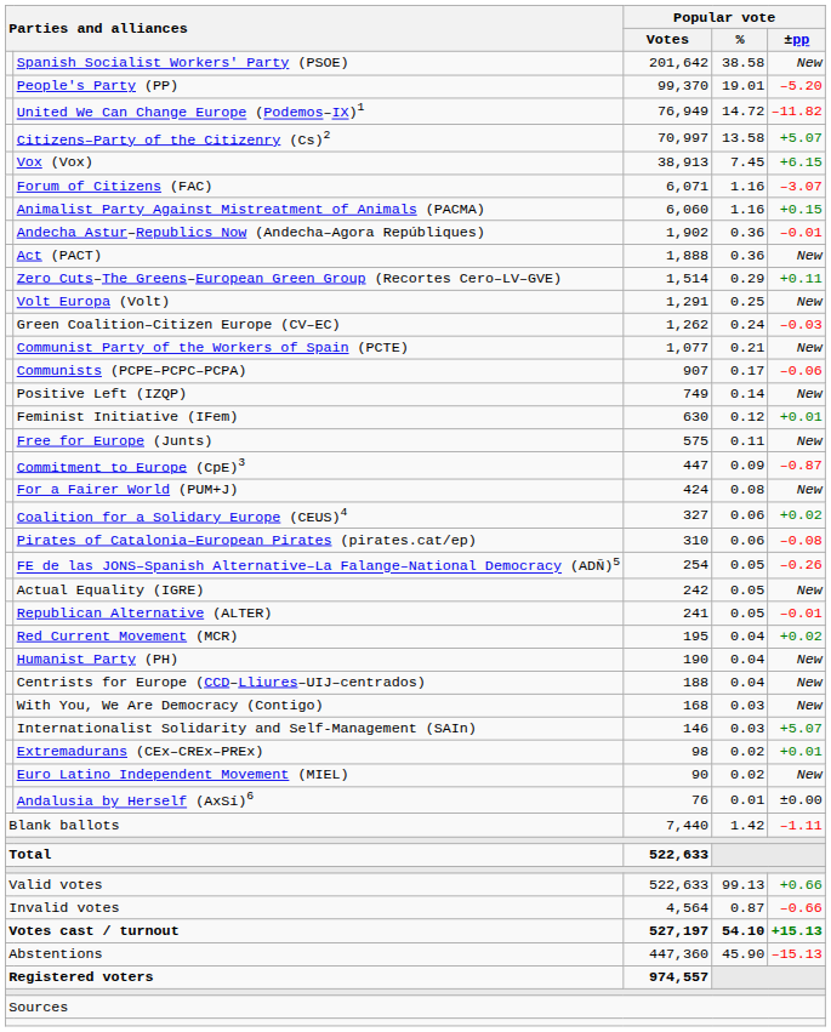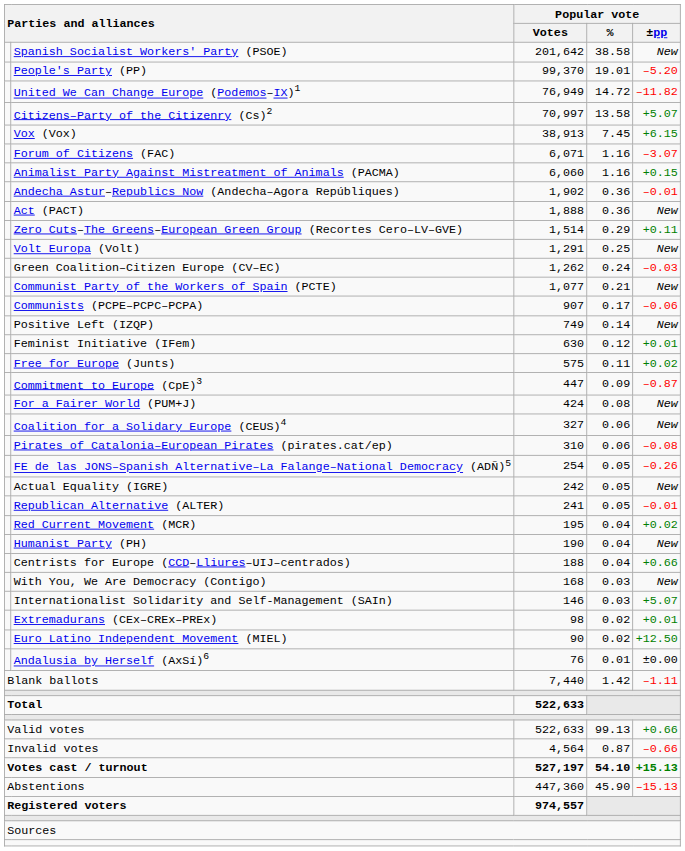 <table class="wikitable" style="text-align:right;">
 <tr>
 <th style="text-align:left;" rowspan="2" colspan="2" width="525">Parties and alliances</th>
 <th colspan="3">Popular vote</th>
 </tr>
 <tr>
 <th width="75">Votes</th>
 <th width="45">%</th>
 <th width="45">±<a href='#'>pp</a></th>
 </tr>
 <tr>
 <td width="1" style="color:inherit;background:"></td>
 <td align="left"><a href='#'>Spanish Socialist Workers' Party</a> (PSOE)</td>
 <td>201,642</td>
 <td>38.58</td>
 <td><em>New</em></td>
 </tr>
 <tr>
 <td style="color:inherit;background:"></td>
 <td align="left"><a href='#'>People's Party</a> (PP)</td>
 <td>99,370</td>
 <td>19.01</td>
 <td style="color:red;">–5.20</td>
 </tr>
 <tr>
 <td style="color:inherit;background:"></td>
 <td align="left"><a href='#'>United We Can Change Europe</a> (<a href='#'>Podemos</a>–<a href='#'>IX</a>)<sup>1</sup></td>
 <td>76,949</td>
 <td>14.72</td>
 <td style="color:red;">–11.82</td>
 </tr>
 <tr>
 <td style="color:inherit;background:"></td>
 <td align="left"><a href='#'>Citizens–Party of the Citizenry</a> (Cs)<sup>2</sup></td>
 <td>70,997</td>
 <td>13.58</td>
 <td style="color:green;">+5.07</td>
 </tr>
 <tr>
 <td style="color:inherit;background:"></td>
 <td align="left"><a href='#'>Vox</a> (Vox)</td>
 <td>38,913</td>
 <td>7.45</td>
 <td style="color:green;">+6.15</td>
 </tr>
 <tr>
 <td style="color:inherit;background:"></td>
 <td align="left"><a href='#'>Forum of Citizens</a> (FAC)</td>
 <td>6,071</td>
 <td>1.16</td>
 <td style="color:red;">–3.07</td>
 </tr>
 <tr>
 <td style="color:inherit;background:"></td>
 <td align="left"><a href='#'>Animalist Party Against Mistreatment of Animals</a> (PACMA)</td>
 <td>6,060</td>
 <td>1.16</td>
 <td style="color:green;">+0.15</td>
 </tr>
 <tr>
 <td style="color:inherit;background:"></td>
 <td align="left"><a href='#'>Andecha Astur</a>–<a href='#'>Republics Now</a> (Andecha–Agora Repúbliques)</td>
 <td>1,902</td>
 <td>0.36</td>
 <td style="color:red;">–0.01</td>
 </tr>
 <tr>
 <td style="color:inherit;background:"></td>
 <td align="left"><a href='#'>Act</a> (PACT)</td>
 <td>1,888</td>
 <td>0.36</td>
 <td><em>New</em></td>
 </tr>
 <tr>
 <td style="color:inherit;background:"></td>
 <td align="left"><a href='#'>Zero Cuts</a>–<a href='#'>The Greens</a>–<a href='#'>European Green Group</a> (Recortes Cero–LV–GVE)</td>
 <td>1,514</td>
 <td>0.29</td>
 <td style="color:green;">+0.11</td>
 </tr>
 <tr>
 <td style="color:inherit;background:"></td>
 <td align="left"><a href='#'>Volt Europa</a> (Volt)</td>
 <td>1,291</td>
 <td>0.25</td>
 <td><em>New</em></td>
 </tr>
 <tr>
 <td style="color:inherit;background:"></td>
 <td align="left">Green Coalition–Citizen Europe (CV–EC)</td>
 <td>1,262</td>
 <td>0.24</td>
 <td style="color:red;">–0.03</td>
 </tr>
 <tr>
 <td style="color:inherit;background:"></td>
 <td align="left"><a href='#'>Communist Party of the Workers of Spain</a> (PCTE)</td>
 <td>1,077</td>
 <td>0.21</td>
 <td><em>New</em></td>
 </tr>
 <tr>
 <td style="color:inherit;background:"></td>
 <td align="left"><a href='#'>Communists</a> (PCPE–PCPC–PCPA)</td>
 <td>907</td>
 <td>0.17</td>
 <td style="color:red;">–0.06</td>
 </tr>
 <tr>
 <td style="color:inherit;background:"></td>
 <td align="left">Positive Left (IZQP)</td>
 <td>749</td>
 <td>0.14</td>
 <td><em>New</em></td>
 </tr>
 <tr>
 <td style="color:inherit;background:"></td>
 <td align="left">Feminist Initiative (IFem)</td>
 <td>630</td>
 <td>0.12</td>
 <td style="color:green;">+0.01</td>
 </tr>
 <tr>
 <td style="color:inherit;background:"></td>
 <td align="left"><a href='#'>Free for Europe</a> (Junts)</td>
 <td>575</td>
 <td>0.11</td>
-<td><em>New</em></td>
+<td style="color:green;">+0.02</td>
 </tr>
 <tr>
 <td style="color:inherit;background:"></td>
 <td align="left"><a href='#'>Commitment to Europe</a> (CpE)<sup>3</sup></td>
 <td>447</td>
 <td>0.09</td>
 <td style="color:red;">–0.87</td>
 </tr>
 <tr>
 <td style="color:inherit;background:"></td>
 <td align="left"><a href='#'>For a Fairer World</a> (PUM+J)</td>
 <td>424</td>
 <td>0.08</td>
 <td><em>New</em></td>
 </tr>
 <tr>
 <td style="color:inherit;background:"></td>
 <td align="left"><a href='#'>Coalition for a Solidary Europe</a> (CEUS)<sup>4</sup></td>
 <td>327</td>
 <td>0.06</td>
-<td style="color:green;">+0.02</td>
+<td><em>New</em></td>
 </tr>
 <tr>
 <td style="color:inherit;background:"></td>
 <td align="left"><a href='#'>Pirates of Catalonia–European Pirates</a> (pirates.cat/ep)</td>
 <td>310</td>
 <td>0.06</td>
 <td style="color:red;">–0.08</td>
 </tr>
 <tr>
 <td style="color:inherit;background:"></td>
 <td align="left"><a href='#'>FE de las JONS–Spanish Alternative–La Falange–National Democracy</a> (ADÑ)<sup>5</sup></td>
 <td>254</td>
 <td>0.05</td>
 <td style="color:red;">–0.26</td>
 </tr>
 <tr>
 <td style="color:inherit;background:"></td>
 <td align="left">Actual Equality (IGRE)</td>
 <td>242</td>
 <td>0.05</td>
 <td><em>New</em></td>
 </tr>
 <tr>
 <td style="color:inherit;background:"></td>
 <td align="left"><a href='#'>Republican Alternative</a> (ALTER)</td>
 <td>241</td>
 <td>0.05</td>
 <td style="color:red;">–0.01</td>
 </tr>
 <tr>
 <td style="color:inherit;background:"></td>
 <td align="left"><a href='#'>Red Current Movement</a> (MCR)</td>
 <td>195</td>
 <td>0.04</td>
 <td style="color:green;">+0.02</td>
 </tr>
 <tr>
 <td style="color:inherit;background:"></td>
 <td align="left"><a href='#'>Humanist Party</a> (PH)</td>
 <td>190</td>
 <td>0.04</td>
 <td><em>New</em></td>
 </tr>
 <tr>
 <td style="color:inherit;background:"></td>
 <td align="left">Centrists for Europe (<a href='#'>CCD</a>–<a href='#'>Lliures</a>–UIJ–centrados)</td>
 <td>188</td>
 <td>0.04</td>
-<td><em>New</em></td>
+<td style="color:green;">+0.66</td>
 </tr>
 <tr>
 <td style="color:inherit;background:"></td>
 <td align="left">With You, We Are Democracy (Contigo)</td>
 <td>168</td>
 <td>0.03</td>
 <td><em>New</em></td>
 </tr>
 <tr>
 <td style="color:inherit;background:"></td>
 <td align="left">Internationalist Solidarity and Self-Management (SAIn)</td>
 <td>146</td>
 <td>0.03</td>
 <td style="color:green;">+5.07</td>
 </tr>
 <tr>
 <td style="color:inherit;background:"></td>
 <td align="left"><a href='#'>Extremadurans</a> (CEx–CREx–PREx)</td>
 <td>98</td>
 <td>0.02</td>
 <td style="color:green;">+0.01</td>
 </tr>
 <tr>
 <td style="color:inherit;background:"></td>
 <td align="left"><a href='#'>Euro Latino Independent Movement</a> (MIEL)</td>
 <td>90</td>
 <td>0.02</td>
-<td><em>New</em></td>
+<td style="color:green;">+12.50</td>
 </tr>
 <tr>
 <td style="color:inherit;background:"></td>
 <td align="left"><a href='#'>Andalusia by Herself</a> (AxSí)<sup>6</sup></td>
 <td>76</td>
 <td>0.01</td>
 <td>±0.00</td>
 </tr>
 <tr>
 <td align="left" colspan="2">Blank ballots</td>
 <td>7,440</td>
 <td>1.42</td>
 <td style="color:red;">–1.11</td>
 </tr>
 <tr>
 <td colspan="5" bgcolor="#E9E9E9"></td>
 </tr>
 <tr style="font-weight:bold;">
 <td align="left" colspan="2">Total</td>
 <td>522,633</td>
 <td bgcolor="#E9E9E9" colspan="2"></td>
 </tr>
 <tr>
 <td colspan="5" bgcolor="#E9E9E9"></td>
 </tr>
 <tr>
 <td align="left" colspan="2">Valid votes</td>
 <td>522,633</td>
 <td>99.13</td>
 <td style="color:green;">+0.66</td>
 </tr>
 <tr>
 <td align="left" colspan="2">Invalid votes</td>
 <td>4,564</td>
 <td>0.87</td>
 <td style="color:red;">–0.66</td>
 </tr>
 <tr style="font-weight:bold;">
 <td align="left" colspan="2">Votes cast / turnout</td>
 <td>527,197</td>
 <td>54.10</td>
 <td style="color:green;">+15.13</td>
 </tr>
 <tr>
 <td align="left" colspan="2">Abstentions</td>
 <td>447,360</td>
 <td>45.90</td>
 <td style="color:red;">–15.13</td>
 </tr>
 <tr style="font-weight:bold;">
 <td align="left" colspan="2">Registered voters</td>
 <td>974,557</td>
 <td bgcolor="#E9E9E9" colspan="2"></td>
 </tr>
 <tr>
 <td colspan="5" bgcolor="#E9E9E9"></td>
 </tr>
 <tr>
 <td align="left" colspan="5">Sources</td>
 </tr>
 <tr>
 <td colspan="5" style="text-align:left; max-width:680px;"></td>
 </tr>
 </table>
